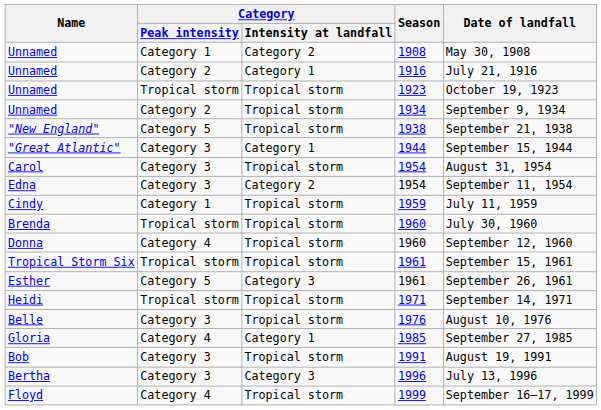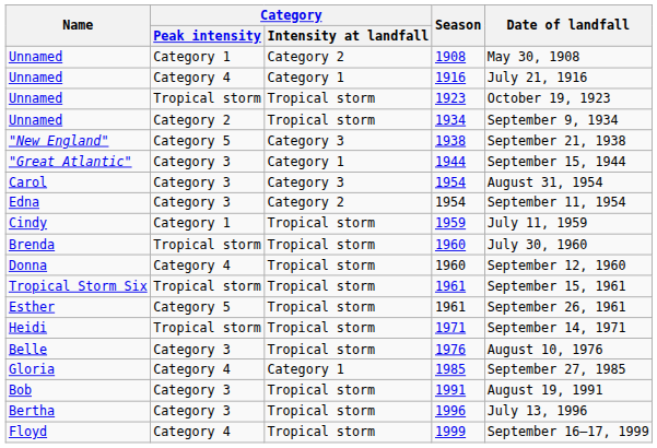 <table class="wikitable" style="margin:1em auto;">
 <tr>
 <th rowspan=2>Name</th>
 <th colspan=2><a href='#'>Category</a></th>
 <th rowspan=2>Season</th>
 <th rowspan=2>Date of landfall</th>
 </tr>
 <tr>
 <th><a href='#'>Peak intensity</a></th>
 <th>Intensity at landfall</th>
 </tr>
 <tr>
 <td><a href='#'>Unnamed</a></td>
 <td style="background: #">Category 1</td>
 <td style="background: #">Category 2</td>
 <td><a href='#'>1908</a></td>
 <td>May 30, 1908</td>
 </tr>
 <tr>
 <td><a href='#'>Unnamed</a></td>
-<td style="background: #">Category 2</td>
+<td style="background: #">Category 4</td>
 <td style="background: #">Category 1</td>
 <td><a href='#'>1916</a></td>
 <td>July 21, 1916</td>
 </tr>
 <tr>
 <td><a href='#'>Unnamed</a></td>
 <td style="background: #">Tropical storm</td>
 <td style="background: #">Tropical storm</td>
 <td><a href='#'>1923</a></td>
 <td>October 19, 1923</td>
 </tr>
 <tr>
 <td><a href='#'>Unnamed</a></td>
 <td style="background: #">Category 2</td>
 <td style="background: #">Tropical storm</td>
 <td><a href='#'>1934</a></td>
 <td>September 9, 1934</td>
 </tr>
 <tr>
 <td><em><a href='#'>"New England"</a></em></td>
 <td style="background: #">Category 5</td>
-<td style="background: #">Tropical storm</td>
+<td style="background: #">Category 3</td>
 <td><a href='#'>1938</a></td>
 <td>September 21, 1938</td>
 </tr>
 <tr>
 <td><em><a href='#'>"Great Atlantic"</a></em></td>
 <td style="background: #">Category 3</td>
 <td style="background: #">Category 1</td>
 <td><a href='#'>1944</a></td>
 <td>September 15, 1944</td>
 </tr>
 <tr>
 <td><a href='#'>Carol</a></td>
 <td style="background: #">Category 3</td>
-<td style="background: #">Tropical storm</td>
+<td style="background: #">Category 3</td>
 <td><a href='#'>1954</a></td>
 <td>August 31, 1954</td>
 </tr>
 <tr>
 <td><a href='#'>Edna</a></td>
 <td style="background: #">Category 3</td>
 <td style="background: #">Category 2</td>
 <td>1954</td>
 <td>September 11, 1954</td>
 </tr>
 <tr>
 <td><a href='#'>Cindy</a></td>
 <td style="background: #">Category 1</td>
 <td style="background: #">Tropical storm</td>
 <td><a href='#'>1959</a></td>
 <td>July 11, 1959</td>
 </tr>
 <tr>
 <td><a href='#'>Brenda</a></td>
 <td style="background: #">Tropical storm</td>
 <td style="background: #">Tropical storm</td>
 <td><a href='#'>1960</a></td>
 <td>July 30, 1960</td>
 </tr>
 <tr>
 <td><a href='#'>Donna</a></td>
 <td style="background: #">Category 4</td>
 <td style="background: #">Tropical storm</td>
 <td>1960</td>
 <td>September 12, 1960</td>
 </tr>
 <tr>
 <td><a href='#'>Tropical Storm Six</a></td>
 <td style="background: #">Tropical storm</td>
 <td style="background: #">Tropical storm</td>
 <td><a href='#'>1961</a></td>
 <td>September 15, 1961</td>
 </tr>
 <tr>
 <td><a href='#'>Esther</a></td>
 <td style="background: #">Category 5</td>
-<td style="background: #">Category 3</td>
+<td style="background: #">Tropical storm</td>
 <td>1961</td>
 <td>September 26, 1961</td>
 </tr>
 <tr>
 <td><a href='#'>Heidi</a></td>
 <td style="background: #">Tropical storm</td>
 <td style="background: #">Tropical storm</td>
 <td><a href='#'>1971</a></td>
 <td>September 14, 1971</td>
 </tr>
 <tr>
 <td><a href='#'>Belle</a></td>
 <td style="background: #">Category 3</td>
 <td style="background: #">Tropical storm</td>
 <td><a href='#'>1976</a></td>
 <td>August 10, 1976</td>
 </tr>
 <tr>
 <td><a href='#'>Gloria</a></td>
 <td style="background: #">Category 4</td>
 <td style="background: #">Category 1</td>
 <td><a href='#'>1985</a></td>
 <td>September 27, 1985</td>
 </tr>
 <tr>
 <td><a href='#'>Bob</a></td>
 <td style="background: #">Category 3</td>
 <td style="background: #">Tropical storm</td>
 <td><a href='#'>1991</a></td>
 <td>August 19, 1991</td>
 </tr>
 <tr>
 <td><a href='#'>Bertha</a></td>
 <td style="background: #">Category 3</td>
-<td style="background: #">Category 3</td>
+<td style="background: #">Tropical storm</td>
 <td><a href='#'>1996</a></td>
 <td>July 13, 1996</td>
 </tr>
 <tr>
 <td><a href='#'>Floyd</a></td>
 <td style="background: #">Category 4</td>
 <td style="background: #">Tropical storm</td>
 <td><a href='#'>1999</a></td>
 <td>September 16–17, 1999</td>
 </tr>
 </table>
